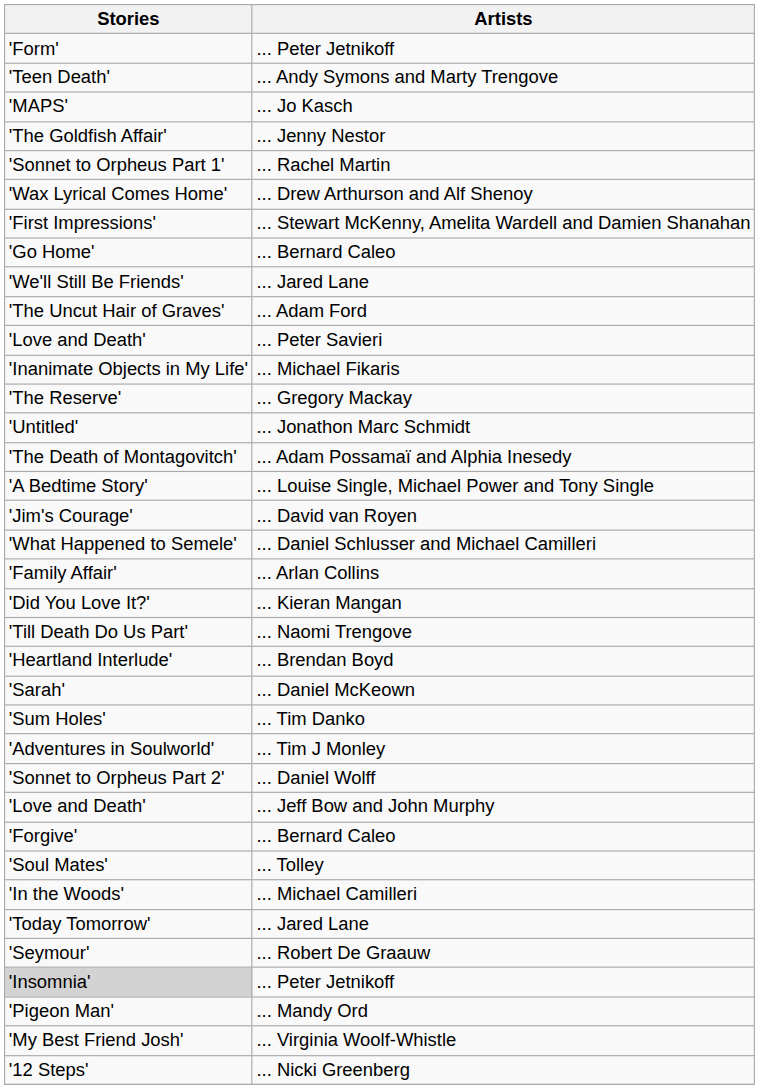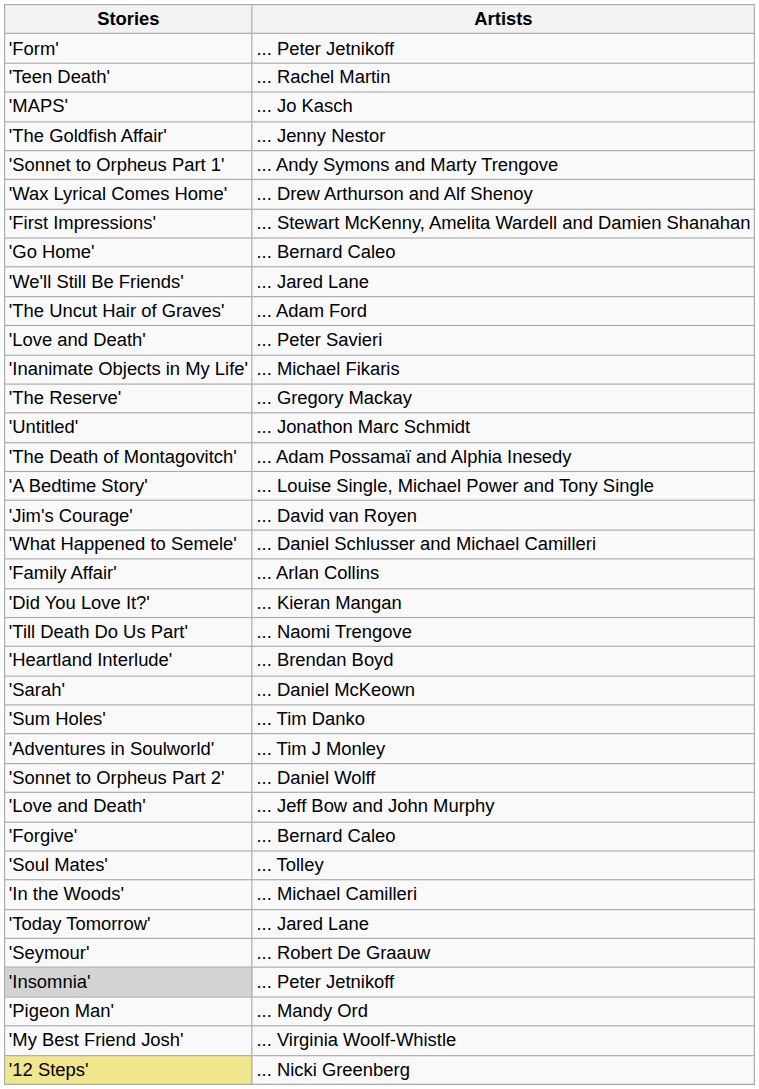 <table class="wikitable">
 <tr>
 <th>Stories</th>
 <th>Artists</th>
 </tr>
 <tr>
 <td>'Form'</td>
 <td>... Peter Jetnikoff</td>
 </tr>
 <tr>
 <td>'Teen Death'</td>
-<td>... Andy Symons and Marty Trengove</td>
+<td>... Rachel Martin</td>
 </tr>
 <tr>
 <td>'MAPS'</td>
 <td>... Jo Kasch</td>
 </tr>
 <tr>
 <td>'The Goldfish Affair'</td>
 <td>... Jenny Nestor</td>
 </tr>
 <tr>
 <td>'Sonnet to Orpheus Part 1'</td>
-<td>... Rachel Martin</td>
+<td>... Andy Symons and Marty Trengove</td>
 </tr>
 <tr>
 <td>'Wax Lyrical Comes Home'</td>
 <td>... Drew Arthurson and Alf Shenoy</td>
 </tr>
 <tr>
 <td>'First Impressions'</td>
 <td>... Stewart McKenny, Amelita Wardell and Damien Shanahan</td>
 </tr>
 <tr>
 <td>'Go Home'</td>
 <td>... Bernard Caleo</td>
 </tr>
 <tr>
 <td>'We'll Still Be Friends'</td>
 <td>... Jared Lane</td>
 </tr>
 <tr>
 <td>'The Uncut Hair of Graves'</td>
 <td>... Adam Ford</td>
 </tr>
 <tr>
 <td>'Love and Death'</td>
 <td>... Peter Savieri</td>
 </tr>
 <tr>
 <td>'Inanimate Objects in My Life'</td>
 <td>... Michael Fikaris</td>
 </tr>
 <tr>
 <td>'The Reserve'</td>
 <td>... Gregory Mackay</td>
 </tr>
 <tr>
 <td>'Untitled'</td>
 <td>... Jonathon Marc Schmidt</td>
 </tr>
 <tr>
 <td>'The Death of Montagovitch'</td>
 <td>... Adam Possamaï and Alphia Inesedy</td>
 </tr>
 <tr>
 <td>'A Bedtime Story'</td>
 <td>... Louise Single, Michael Power and Tony Single</td>
 </tr>
 <tr>
 <td>'Jim's Courage'</td>
 <td>... David van Royen</td>
 </tr>
 <tr>
 <td>'What Happened to Semele'</td>
 <td>... Daniel Schlusser and Michael Camilleri</td>
 </tr>
 <tr>
 <td>'Family Affair'</td>
 <td>... Arlan Collins</td>
 </tr>
 <tr>
 <td>'Did You Love It?'</td>
 <td>... Kieran Mangan</td>
 </tr>
 <tr>
 <td>'Till Death Do Us Part'</td>
 <td>... Naomi Trengove</td>
 </tr>
 <tr>
 <td>'Heartland Interlude'</td>
 <td>... Brendan Boyd</td>
 </tr>
 <tr>
 <td>'Sarah'</td>
 <td>... Daniel McKeown</td>
 </tr>
 <tr>
 <td>'Sum Holes'</td>
 <td>... Tim Danko</td>
 </tr>
 <tr>
 <td>'Adventures in Soulworld'</td>
 <td>... Tim J Monley</td>
 </tr>
 <tr>
 <td>'Sonnet to Orpheus Part 2'</td>
 <td>... Daniel Wolff</td>
 </tr>
 <tr>
 <td>'Love and Death'</td>
 <td>... Jeff Bow and John Murphy</td>
 </tr>
 <tr>
 <td>'Forgive'</td>
 <td>... Bernard Caleo</td>
 </tr>
 <tr>
 <td>'Soul Mates'</td>
 <td>... Tolley</td>
 </tr>
 <tr>
 <td>'In the Woods'</td>
 <td>... Michael Camilleri</td>
 </tr>
 <tr>
 <td>'Today Tomorrow'</td>
 <td>... Jared Lane</td>
 </tr>
 <tr>
 <td>'Seymour'</td>
 <td>... Robert De Graauw</td>
 </tr>
 <tr>
 <td style="background: lightgrey;">'Insomnia'</td>
 <td>... Peter Jetnikoff</td>
 </tr>
 <tr>
 <td>'Pigeon Man'</td>
 <td>... Mandy Ord</td>
 </tr>
 <tr>
 <td>'My Best Friend Josh'</td>
 <td>... Virginia Woolf-Whistle</td>
 </tr>
 <tr>
-<td>'12 Steps'</td>
+<td style="background: khaki;">'12 Steps'</td>
 <td>... Nicki Greenberg</td>
 </tr>
 <tr>
 </tr>
 </table>
